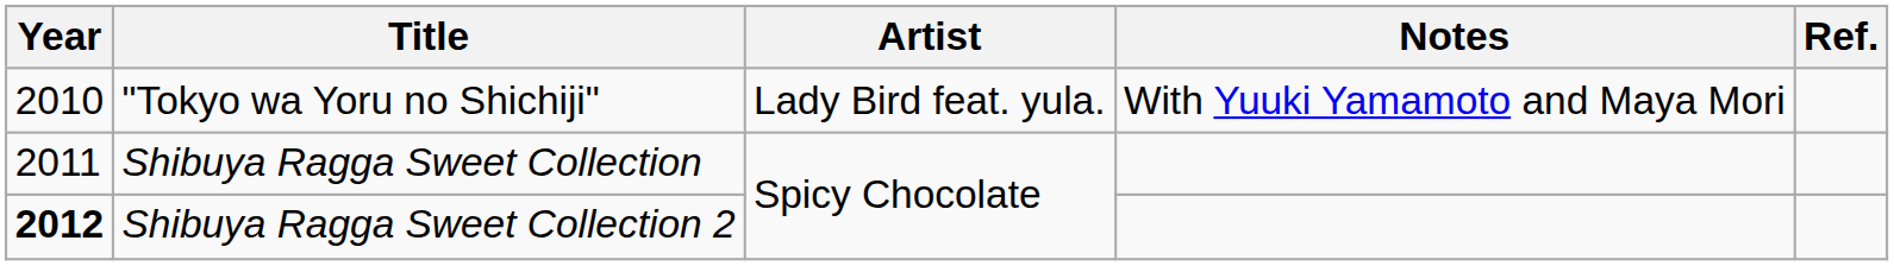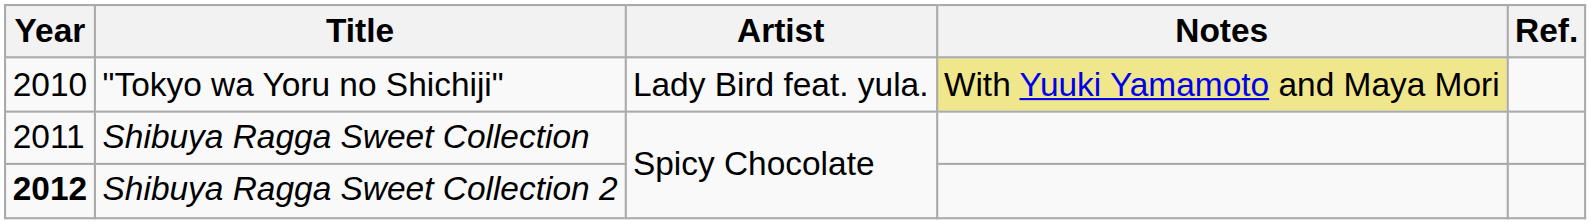 <table class="wikitable">
 <tr>
 <th>Year</th>
 <th>Title</th>
 <th>Artist</th>
 <th>Notes</th>
 <th>Ref.</th>
 </tr>
 <tr>
 <td>2010</td>
 <td>"Tokyo wa Yoru no Shichiji"</td>
 <td>Lady Bird feat. yula.</td>
-<td>With <a href='#'>Yuuki Yamamoto</a> and Maya Mori</td>
+<td style="background: khaki;">With <a href='#'>Yuuki Yamamoto</a> and Maya Mori</td>
 <td></td>
 </tr>
 <tr>
 <td>2011</td>
 <td><em>Shibuya Ragga Sweet Collection</em></td>
 <td rowspan="2">Spicy Chocolate</td>
 <td></td>
 <td></td>
 </tr>
 <tr>
 <td><strong>2012</strong></td>
 <td><em>Shibuya Ragga Sweet Collection 2</em></td>
 <td></td>
 <td></td>
 </tr>
 </table>
